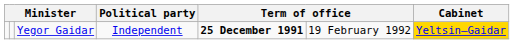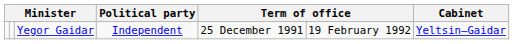 <table class="wikitable" style="text-align:center;">
 <tr>
 <th colspan=3>Minister</th>
 <th>Political party</th>
 <th colspan=2>Term of office</th>
 <th>Cabinet</th>
 </tr>
 <tr>
 <td style="background: "></td>
 <td></td>
 <td><a href='#'>Yegor Gaidar</a></td>
 <td><a href='#'>Independent</a></td>
-<td><strong>25 December 1991</strong></td>
+<td>25 December 1991</td>
 <td>19 February 1992</td>
-<td style="background: gold;"><a href='#'>Yeltsin–Gaidar</a></td>
+<td><a href='#'>Yeltsin–Gaidar</a></td>
 </tr>
 </table>
